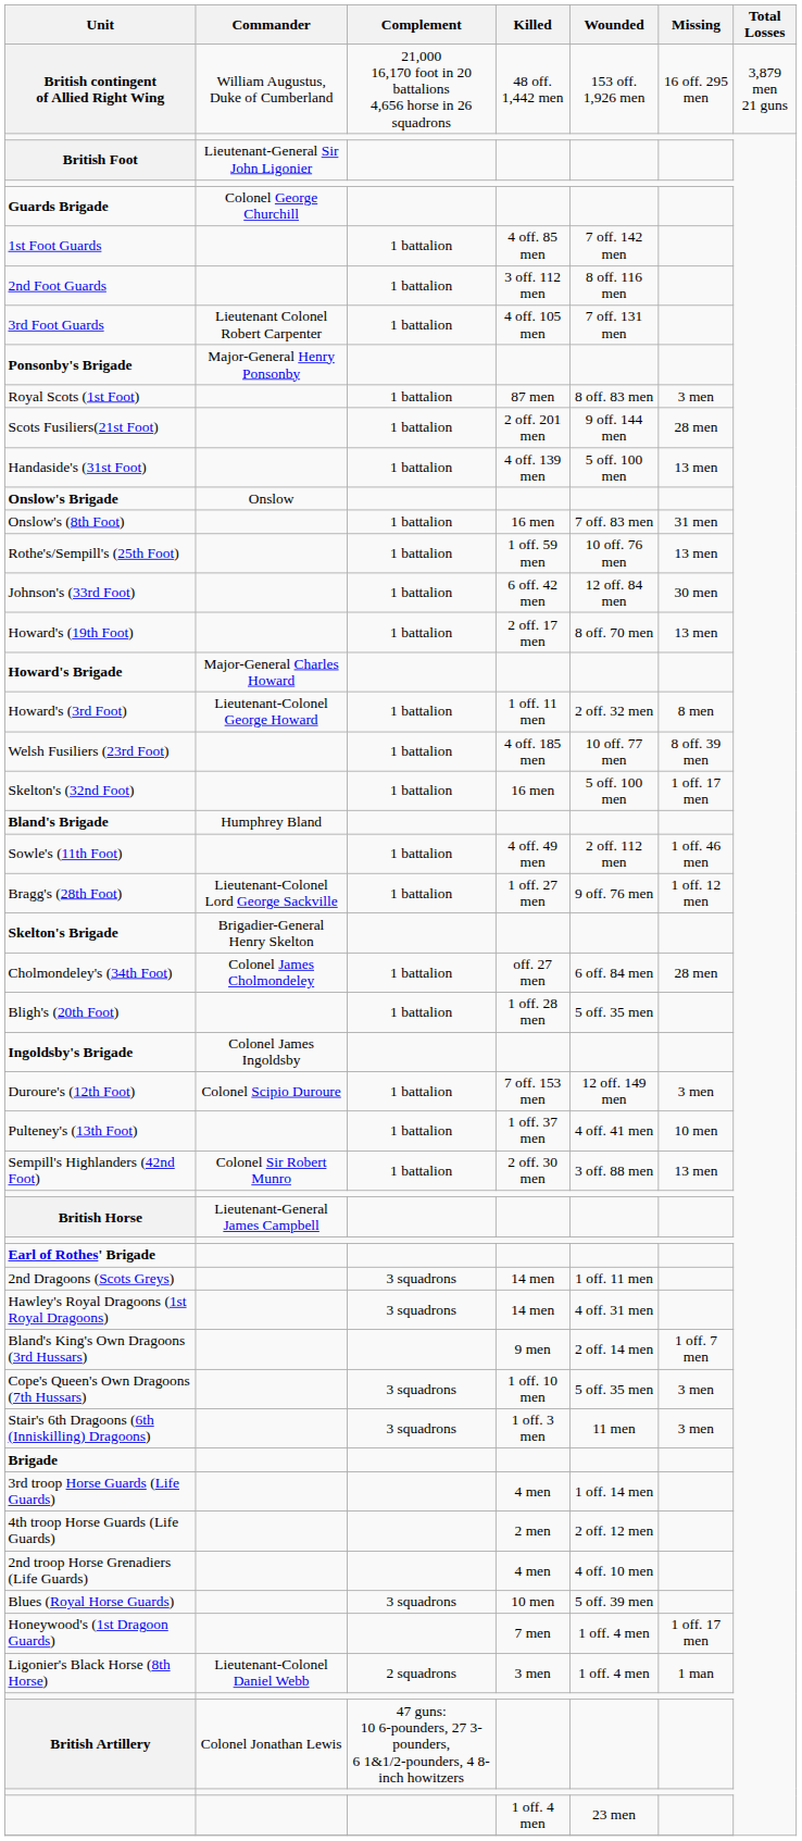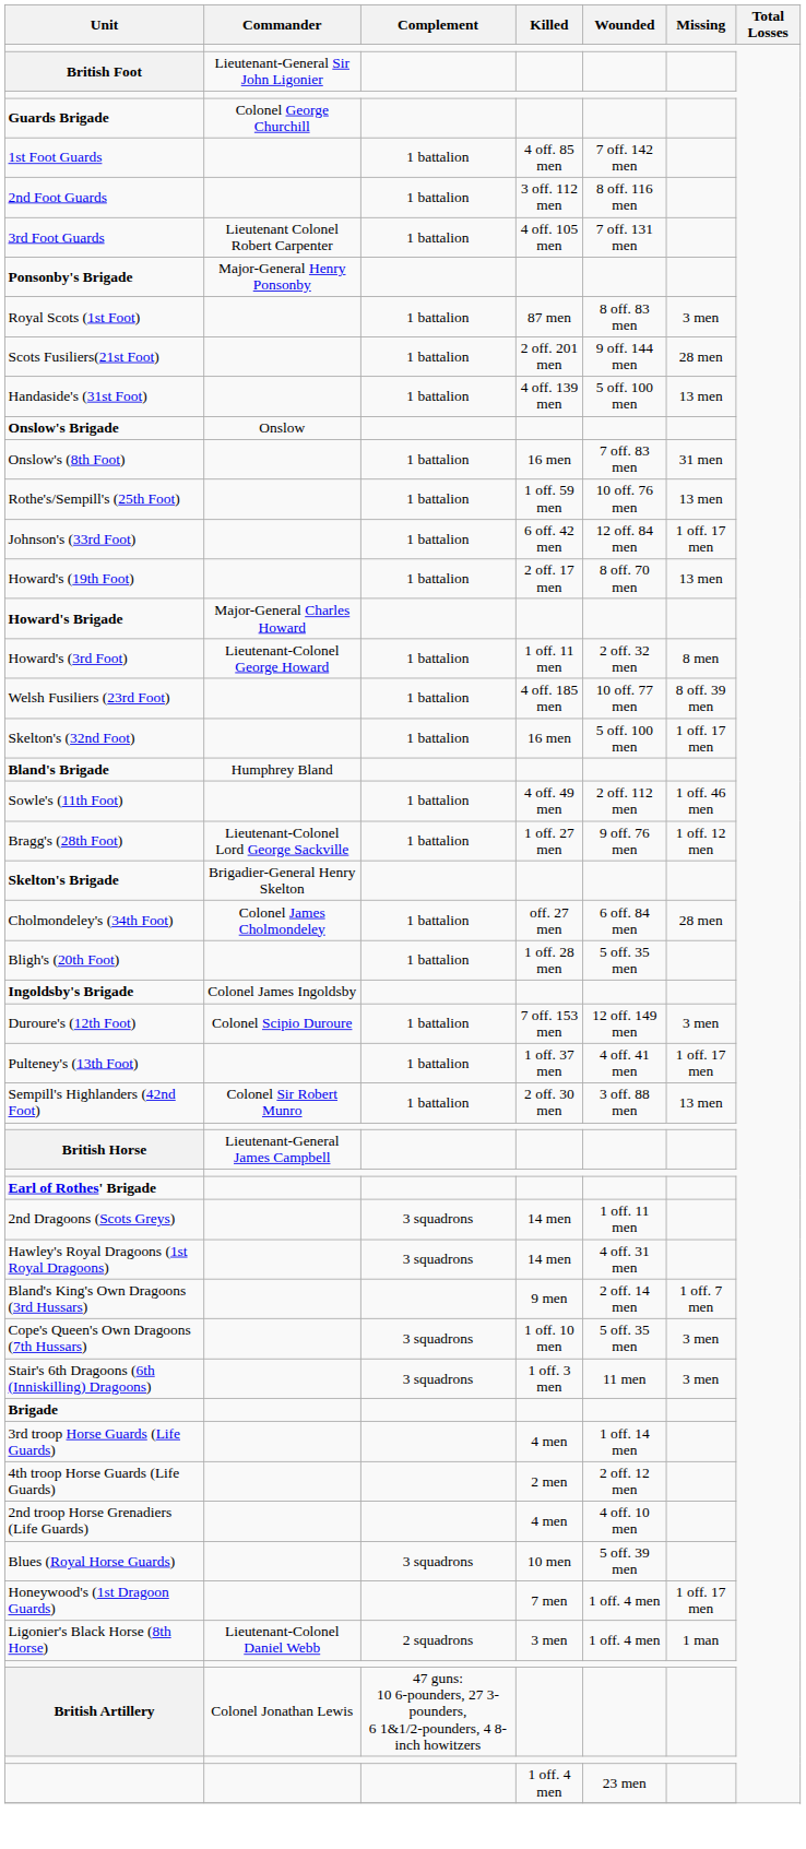 <table class="wikitable">
 <tr>
 <th>Unit</th>
 <th>Commander</th>
 <th>Complement</th>
 <th>Killed</th>
 <th>Wounded</th>
 <th>Missing</th>
 <th>Total Losses</th>
-</tr>
-<tr>
-<th colspan="1" bgcolor="#f9f9f9;">British contingent<br>of Allied Right Wing</th>
-<td align="center">William Augustus, <br>Duke of Cumberland</td>
-<td align="center">21,000<br>16,170 foot in 20 battalions<br>4,656 horse in 26 squadrons</td>
-<td align="center">48 off. 1,442 men</td>
-<td align="center">153 off. 1,926 men</td>
-<td align="center">16 off. 295 men</td>
-<td align="center">3,879 men<br>21 guns</td>
 </tr>
 <tr>
 <td align="center"></td>
 </tr>
 <tr>
 <th colspan="1" bgcolor="#f9f9f9;">British Foot</th>
 <td align="center">Lieutenant-General <a href='#'>Sir John Ligonier</a></td>
 <td align="center"></td>
 <td align="center"></td>
 <td align="center"></td>
 <td align="center"></td>
 </tr>
 <tr>
 <td align="center"></td>
 </tr>
 <tr>
 <td><strong>Guards Brigade</strong></td>
 <td align="center">Colonel <a href='#'>George Churchill</a></td>
 <td align="center"></td>
 <td align="center"></td>
 <td align="center"></td>
 <td align="center"></td>
 </tr>
 <tr>
 <td><a href='#'>1st Foot Guards</a></td>
 <td align="center"></td>
 <td align="center">1 battalion</td>
 <td align="center">4 off. 85 men</td>
 <td align="center">7 off. 142 men</td>
 <td align="center"></td>
 </tr>
 <tr>
 <td><a href='#'>2nd Foot Guards</a></td>
 <td align="center"></td>
 <td align="center">1 battalion</td>
 <td align="center">3 off. 112 men</td>
 <td align="center">8 off. 116 men</td>
 <td align="center"></td>
 </tr>
 <tr>
 <td><a href='#'>3rd Foot Guards</a></td>
 <td align="center">Lieutenant Colonel Robert Carpenter</td>
 <td align="center">1 battalion</td>
 <td align="center">4 off. 105 men</td>
 <td align="center">7 off. 131 men</td>
 <td align="center"></td>
 </tr>
 <tr>
 <td><strong>Ponsonby's Brigade</strong></td>
 <td align="center">Major-General <a href='#'>Henry Ponsonby</a></td>
 <td align="center"></td>
 <td align="center"></td>
 <td align="center"></td>
 <td align="center"></td>
 </tr>
 <tr>
 <td>Royal Scots (<a href='#'>1st Foot</a>)</td>
 <td align="center"></td>
 <td align="center">1 battalion</td>
 <td align="center">87 men</td>
 <td align="center">8 off. 83 men</td>
 <td align="center">3 men</td>
 </tr>
 <tr>
 <td>Scots Fusiliers(<a href='#'>21st Foot</a>)</td>
 <td align="center"></td>
 <td align="center">1 battalion</td>
 <td align="center">2 off. 201 men</td>
 <td align="center">9 off. 144 men</td>
 <td align="center">28  men</td>
 </tr>
 <tr>
 <td>Handaside's (<a href='#'>31st Foot</a>)</td>
 <td align="center"></td>
 <td align="center">1 battalion</td>
 <td align="center">4 off. 139 men</td>
 <td align="center">5 off. 100 men</td>
 <td align="center">13 men</td>
 </tr>
 <tr>
 <td><strong>Onslow's Brigade</strong></td>
 <td align="center">Onslow</td>
 <td align="center"></td>
 <td align="center"></td>
 <td align="center"></td>
 <td align="center"></td>
 </tr>
 <tr>
 <td>Onslow's (<a href='#'>8th Foot</a>)</td>
 <td align="center"></td>
 <td align="center">1 battalion</td>
 <td align="center">16 men</td>
 <td align="center">7 off. 83 men</td>
 <td align="center">31 men</td>
 </tr>
 <tr>
 <td>Rothe's/Sempill's (<a href='#'>25th Foot</a>)</td>
 <td align="center"></td>
 <td align="center">1 battalion</td>
 <td align="center">1 off. 59 men</td>
 <td align="center">10 off. 76 men</td>
 <td align="center">13 men</td>
 </tr>
 <tr>
 <td>Johnson's (<a href='#'>33rd Foot</a>)</td>
 <td align="center"></td>
 <td align="center">1 battalion</td>
 <td align="center">6 off. 42 men</td>
 <td align="center">12 off. 84 men</td>
-<td align="center">30 men</td>
+<td align="center">1 off. 17 men</td>
 </tr>
 <tr>
 <td>Howard's (<a href='#'>19th Foot</a>)</td>
 <td align="center"></td>
 <td align="center">1 battalion</td>
 <td align="center">2 off. 17 men</td>
 <td align="center">8 off. 70 men</td>
 <td align="center">13 men</td>
 </tr>
 <tr>
 <td><strong>Howard's Brigade</strong></td>
 <td align="center">Major-General <a href='#'>Charles Howard</a></td>
 <td align="center"></td>
 <td align="center"></td>
 <td align="center"></td>
 <td align="center"></td>
 </tr>
 <tr>
 <td>Howard's (<a href='#'>3rd Foot</a>)</td>
 <td align="center">Lieutenant-Colonel <a href='#'>George Howard</a></td>
 <td align="center">1 battalion</td>
 <td align="center">1 off. 11 men</td>
 <td align="center">2 off. 32 men</td>
 <td align="center">8 men</td>
 </tr>
 <tr>
 <td>Welsh Fusiliers (<a href='#'>23rd Foot</a>)</td>
 <td align="center"></td>
 <td align="center">1 battalion</td>
 <td align="center">4  off. 185 men</td>
 <td align="center">10 off. 77 men</td>
 <td align="center">8 off. 39 men</td>
 </tr>
 <tr>
 <td>Skelton's (<a href='#'>32nd Foot</a>)</td>
 <td align="center"></td>
 <td align="center">1 battalion</td>
 <td align="center">16 men</td>
 <td align="center">5 off. 100 men</td>
 <td align="center">1 off. 17 men</td>
 </tr>
 <tr>
 <td><strong>Bland's Brigade</strong></td>
 <td align="center">Humphrey Bland</td>
 <td align="center"></td>
 <td align="center"></td>
 <td align="center"></td>
 <td align="center"></td>
 </tr>
 <tr>
 <td>Sowle's (<a href='#'>11th Foot</a>)</td>
 <td align="center"></td>
 <td align="center">1 battalion</td>
 <td align="center">4 off. 49 men</td>
 <td align="center">2 off. 112 men</td>
 <td align="center">1 off. 46  men</td>
 </tr>
 <tr>
 <td>Bragg's (<a href='#'>28th Foot</a>)</td>
 <td align="center">Lieutenant-Colonel <br>Lord <a href='#'>George Sackville</a></td>
 <td align="center">1 battalion</td>
 <td align="center">1 off. 27 men</td>
 <td align="center">9 off. 76 men</td>
 <td align="center">1 off. 12 men</td>
 </tr>
 <tr>
 <td><strong>Skelton's Brigade</strong></td>
 <td align="center">Brigadier-General Henry Skelton</td>
 <td align="center"></td>
 <td align="center"></td>
 <td align="center"></td>
 <td align="center"></td>
 </tr>
 <tr>
 <td>Cholmondeley's (<a href='#'>34th Foot</a>)</td>
 <td align="center">Colonel <a href='#'>James Cholmondeley</a></td>
 <td align="center">1 battalion</td>
 <td align="center">off. 27 men</td>
 <td align="center">6 off. 84 men</td>
 <td align="center">28  men</td>
 </tr>
 <tr>
 <td>Bligh's (<a href='#'>20th Foot</a>)</td>
 <td align="center"></td>
 <td align="center">1 battalion</td>
 <td align="center">1 off. 28 men</td>
 <td align="center">5 off. 35 men</td>
 <td align="center"></td>
 </tr>
 <tr>
 <td><strong>Ingoldsby's Brigade</strong></td>
 <td align="center">Colonel James Ingoldsby</td>
 <td align="center"></td>
 <td align="center"></td>
 <td align="center"></td>
 <td align="center"></td>
 </tr>
 <tr>
 <td>Duroure's (<a href='#'>12th Foot</a>)</td>
 <td align="center">Colonel <a href='#'>Scipio Duroure</a></td>
 <td align="center">1 battalion</td>
 <td align="center">7 off. 153 men</td>
 <td align="center">12 off. 149 men</td>
 <td align="center">3 men</td>
 </tr>
 <tr>
 <td>Pulteney's (<a href='#'>13th Foot</a>)</td>
 <td align="center"></td>
 <td align="center">1 battalion</td>
 <td align="center">1 off. 37 men</td>
 <td align="center">4 off. 41 men</td>
-<td align="center">10 men</td>
+<td align="center">1 off. 17 men</td>
 </tr>
 <tr>
 <td>Sempill's Highlanders (<a href='#'>42nd Foot</a>)</td>
 <td align="center">Colonel <a href='#'>Sir Robert Munro</a></td>
 <td align="center">1 battalion</td>
 <td align="center">2 off. 30 men</td>
 <td align="center">3 off. 88 men</td>
 <td align="center">13 men</td>
 </tr>
 <tr>
 <td align="center"></td>
 </tr>
 <tr>
 <th colspan="1" bgcolor="#f9f9f9;">British Horse</th>
 <td align="center">Lieutenant-General<br><a href='#'>James Campbell</a></td>
 <td align="center"></td>
 <td align="center"></td>
 <td align="center"></td>
 <td align="center"></td>
 </tr>
 <tr>
 <td align="center"></td>
 </tr>
 <tr>
 <td><strong><a href='#'>Earl of Rothes</a>' Brigade</strong></td>
 <td align="center"></td>
 <td align="center"></td>
 <td align="center"></td>
 <td align="center"></td>
 <td align="center"></td>
 </tr>
 <tr>
 <td>2nd Dragoons (<a href='#'>Scots Greys</a>)</td>
 <td align="center"></td>
 <td align="center">3 squadrons</td>
 <td align="center">14 men</td>
 <td align="center">1 off.  11 men</td>
 <td align="center"></td>
 </tr>
 <tr>
 <td>Hawley's Royal Dragoons (<a href='#'>1st Royal Dragoons</a>)</td>
 <td align="center"></td>
 <td align="center">3 squadrons</td>
 <td align="center">14 men</td>
 <td align="center">4 off. 31 men</td>
 <td align="center"></td>
 </tr>
 <tr>
 <td>Bland's King's Own Dragoons (<a href='#'>3rd Hussars</a>)</td>
 <td align="center"></td>
 <td align="center"></td>
 <td align="center">9 men</td>
 <td align="center">2 off. 14 men</td>
 <td align="center">1 off. 7 men</td>
 </tr>
 <tr>
 <td>Cope's Queen's Own Dragoons (<a href='#'>7th Hussars</a>)</td>
 <td align="center"></td>
 <td align="center">3 squadrons</td>
 <td align="center">1 off. 10 men</td>
 <td align="center">5 off. 35 men</td>
 <td align="center">3 men</td>
 </tr>
 <tr>
 <td>Stair's 6th Dragoons (<a href='#'>6th (Inniskilling) Dragoons</a>)</td>
 <td align="center"></td>
 <td align="center">3 squadrons</td>
 <td align="center">1 off. 3 men</td>
 <td align="center">11 men</td>
 <td align="center">3 men</td>
 </tr>
 <tr>
 <td><strong> Brigade</strong></td>
 <td align="center"></td>
 <td align="center"></td>
 <td align="center"></td>
 <td align="center"></td>
 <td align="center"></td>
 </tr>
 <tr>
 <td>3rd troop <a href='#'>Horse Guards</a> (<a href='#'>Life Guards</a>)</td>
 <td align="center"></td>
 <td align="center"></td>
 <td align="center">4 men</td>
 <td align="center">1 off. 14 men</td>
 <td align="center"></td>
 </tr>
 <tr>
 <td>4th troop Horse Guards (Life Guards)</td>
 <td align="center"></td>
 <td align="center"></td>
 <td align="center">2 men</td>
 <td align="center">2 off. 12 men</td>
 <td align="center"></td>
 </tr>
 <tr>
 <td>2nd troop Horse Grenadiers (Life Guards)</td>
 <td align="center"></td>
 <td align="center"></td>
 <td align="center">4 men</td>
 <td align="center">4 off. 10 men</td>
 <td align="center"></td>
 </tr>
 <tr>
 <td>Blues (<a href='#'>Royal Horse Guards</a>)</td>
 <td align="center"></td>
 <td align="center">3 squadrons</td>
 <td align="center">10 men</td>
 <td align="center">5 off. 39 men</td>
 <td align="center"></td>
 </tr>
 <tr>
 <td>Honeywood's (<a href='#'>1st Dragoon Guards</a>)</td>
 <td align="center"></td>
 <td align="center"></td>
 <td align="center">7 men</td>
 <td align="center">1 off. 4 men</td>
 <td align="center">1 off. 17 men</td>
 </tr>
 <tr>
 <td>Ligonier's Black Horse (<a href='#'>8th Horse</a>)</td>
 <td align="center">Lieutenant-Colonel <a href='#'>Daniel Webb</a></td>
 <td align="center">2 squadrons</td>
 <td align="center">3 men</td>
 <td align="center">1 off. 4 men</td>
 <td align="center">1 man</td>
 </tr>
 <tr>
 <td align="center"></td>
 </tr>
 <tr>
 <th colspan="1" bgcolor="#f9f9f9;">British Artillery</th>
 <td align="center">Colonel Jonathan Lewis</td>
 <td align="center">47 guns:<br>10 6-pounders, 27 3-pounders, <br>6 1&1/2-pounders, 4 8-inch howitzers</td>
 <td align="center"></td>
 <td align="center"></td>
 <td align="center"></td>
 </tr>
 <tr>
 <td align="center"></td>
 </tr>
 <tr>
 <td></td>
 <td align="center"></td>
 <td align="center"></td>
 <td align="center">1 off. 4 men</td>
 <td align="center">23 men</td>
 <td align="center"></td>
 </tr>
 <tr>
 </tr>
 </table>
